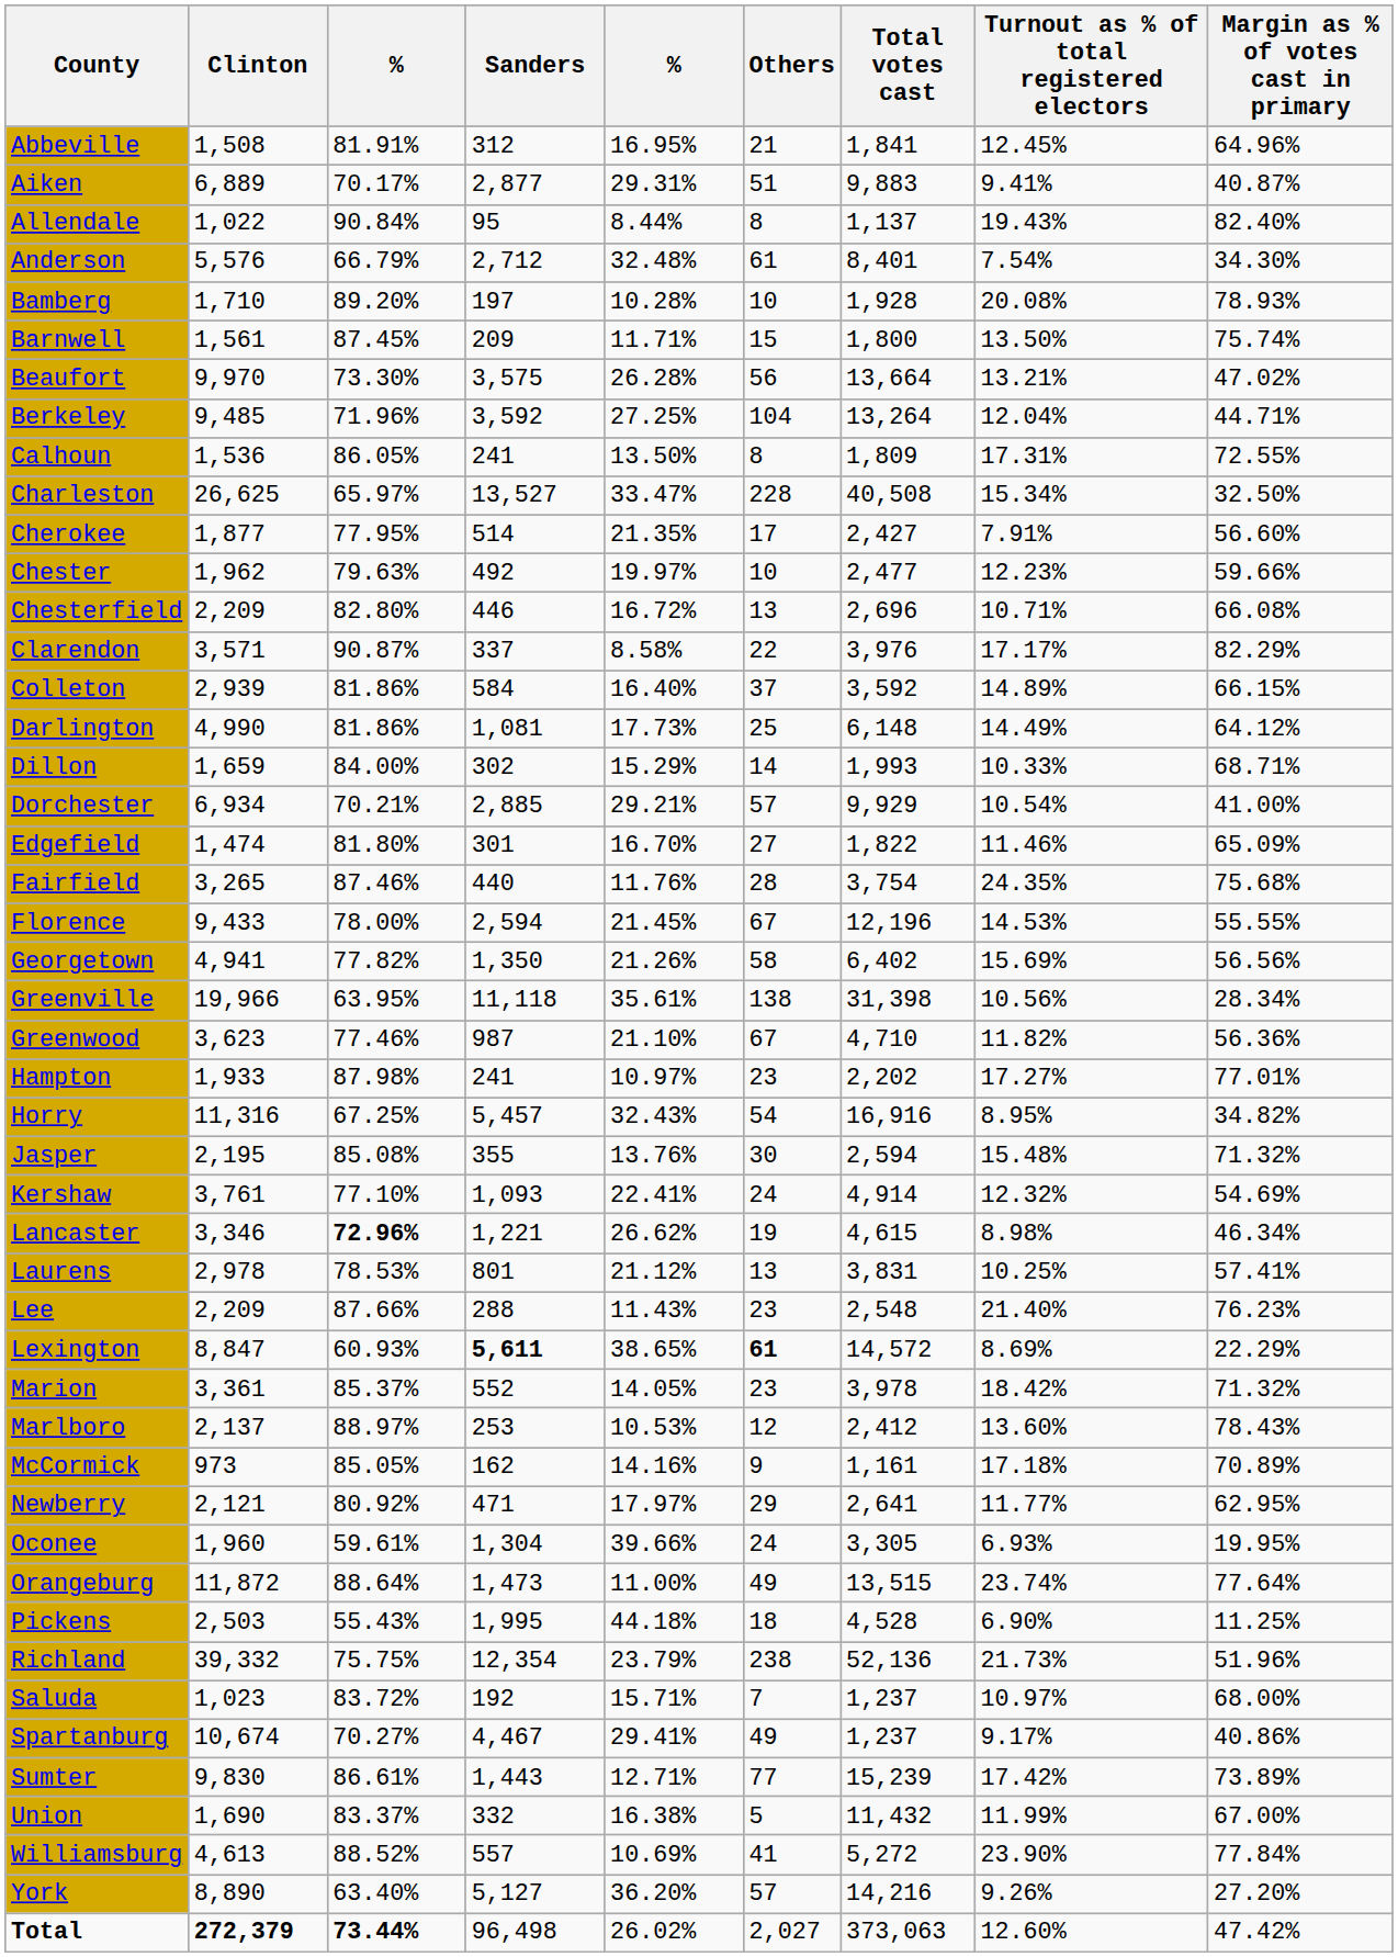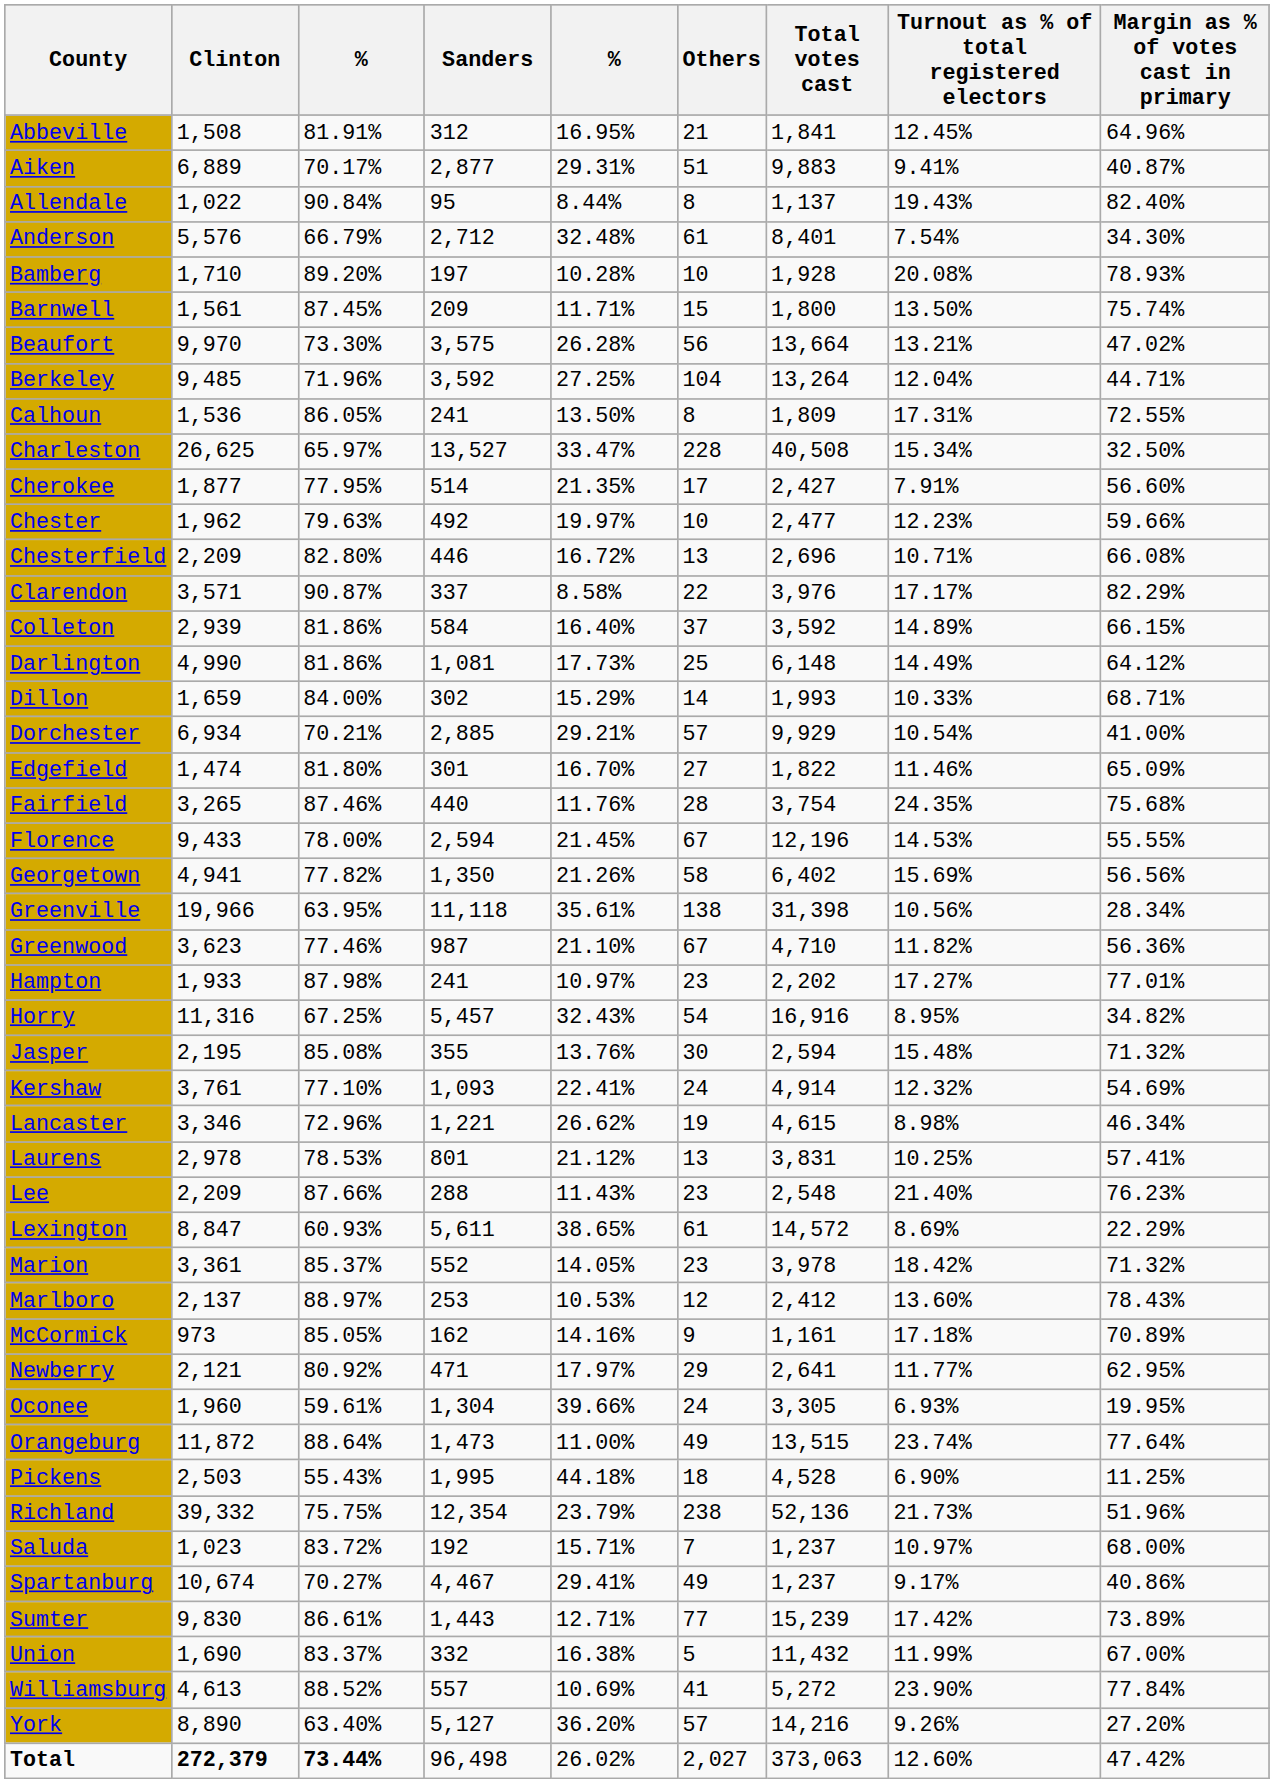 <table width="60%" class="wikitable sortable">
 <tr>
 <th width="11%">County</th>
 <th width="10%">Clinton</th>
 <th width="10%">%</th>
 <th width="10%">Sanders</th>
 <th width="10%">%</th>
 <th>Others</th>
 <th>Total votes cast</th>
 <th>Turnout as % of total registered electors</th>
 <th>Margin as % of votes cast in primary</th>
 </tr>
 <tr>
 <td style="background:#D4AA00;"><a href='#'>Abbeville</a></td>
 <td>1,508</td>
 <td>81.91%</td>
 <td>312</td>
 <td>16.95%</td>
 <td>21</td>
 <td>1,841</td>
 <td>12.45%</td>
 <td>64.96%</td>
 </tr>
 <tr>
 <td style="background:#D4AA00;"><a href='#'>Aiken</a></td>
 <td>6,889</td>
 <td>70.17%</td>
 <td>2,877</td>
 <td>29.31%</td>
 <td>51</td>
 <td>9,883</td>
 <td>9.41%</td>
 <td>40.87%</td>
 </tr>
 <tr>
 <td style="background:#D4AA00;"><a href='#'>Allendale</a></td>
 <td>1,022</td>
 <td>90.84%</td>
 <td>95</td>
 <td>8.44%</td>
 <td>8</td>
 <td>1,137</td>
 <td>19.43%</td>
 <td>82.40%</td>
 </tr>
 <tr>
 <td style="background:#D4AA00;"><a href='#'>Anderson</a></td>
 <td>5,576</td>
 <td>66.79%</td>
 <td>2,712</td>
 <td>32.48%</td>
 <td>61</td>
 <td>8,401</td>
 <td>7.54%</td>
 <td>34.30%</td>
 </tr>
 <tr>
 <td style="background:#D4AA00;"><a href='#'>Bamberg</a></td>
 <td>1,710</td>
 <td>89.20%</td>
 <td>197</td>
 <td>10.28%</td>
 <td>10</td>
 <td>1,928</td>
 <td>20.08%</td>
 <td>78.93%</td>
 </tr>
 <tr>
 <td style="background:#D4AA00;"><a href='#'>Barnwell</a></td>
 <td>1,561</td>
 <td>87.45%</td>
 <td>209</td>
 <td>11.71%</td>
 <td>15</td>
 <td>1,800</td>
 <td>13.50%</td>
 <td>75.74%</td>
 </tr>
 <tr>
 <td style="background:#D4AA00;"><a href='#'>Beaufort</a></td>
 <td>9,970</td>
 <td>73.30%</td>
 <td>3,575</td>
 <td>26.28%</td>
 <td>56</td>
 <td>13,664</td>
 <td>13.21%</td>
 <td>47.02%</td>
 </tr>
 <tr>
 <td style="background:#D4AA00;"><a href='#'>Berkeley</a></td>
 <td>9,485</td>
 <td>71.96%</td>
 <td>3,592</td>
 <td>27.25%</td>
 <td>104</td>
 <td>13,264</td>
 <td>12.04%</td>
 <td>44.71%</td>
 </tr>
 <tr>
 <td style="background:#D4AA00;"><a href='#'>Calhoun</a></td>
 <td>1,536</td>
 <td>86.05%</td>
 <td>241</td>
 <td>13.50%</td>
 <td>8</td>
 <td>1,809</td>
 <td>17.31%</td>
 <td>72.55%</td>
 </tr>
 <tr>
 <td style="background:#D4AA00;"><a href='#'>Charleston</a></td>
 <td>26,625</td>
 <td>65.97%</td>
 <td>13,527</td>
 <td>33.47%</td>
 <td>228</td>
 <td>40,508</td>
 <td>15.34%</td>
 <td>32.50%</td>
 </tr>
 <tr>
 <td style="background:#D4AA00;"><a href='#'>Cherokee</a></td>
 <td>1,877</td>
 <td>77.95%</td>
 <td>514</td>
 <td>21.35%</td>
 <td>17</td>
 <td>2,427</td>
 <td>7.91%</td>
 <td>56.60%</td>
 </tr>
 <tr>
 <td style="background:#D4AA00;"><a href='#'>Chester</a></td>
 <td>1,962</td>
 <td>79.63%</td>
 <td>492</td>
 <td>19.97%</td>
 <td>10</td>
 <td>2,477</td>
 <td>12.23%</td>
 <td>59.66%</td>
 </tr>
 <tr>
 <td style="background:#D4AA00;"><a href='#'>Chesterfield</a></td>
 <td>2,209</td>
 <td>82.80%</td>
 <td>446</td>
 <td>16.72%</td>
 <td>13</td>
 <td>2,696</td>
 <td>10.71%</td>
 <td>66.08%</td>
 </tr>
 <tr>
 <td style="background:#D4AA00;"><a href='#'>Clarendon</a></td>
 <td>3,571</td>
 <td>90.87%</td>
 <td>337</td>
 <td>8.58%</td>
 <td>22</td>
 <td>3,976</td>
 <td>17.17%</td>
 <td>82.29%</td>
 </tr>
 <tr>
 <td style="background:#D4AA00;"><a href='#'>Colleton</a></td>
 <td>2,939</td>
 <td>81.86%</td>
 <td>584</td>
 <td>16.40%</td>
 <td>37</td>
 <td>3,592</td>
 <td>14.89%</td>
 <td>66.15%</td>
 </tr>
 <tr>
 <td style="background:#D4AA00;"><a href='#'>Darlington</a></td>
 <td>4,990</td>
 <td>81.86%</td>
 <td>1,081</td>
 <td>17.73%</td>
 <td>25</td>
 <td>6,148</td>
 <td>14.49%</td>
 <td>64.12%</td>
 </tr>
 <tr>
 <td style="background:#D4AA00;"><a href='#'>Dillon</a></td>
 <td>1,659</td>
 <td>84.00%</td>
 <td>302</td>
 <td>15.29%</td>
 <td>14</td>
 <td>1,993</td>
 <td>10.33%</td>
 <td>68.71%</td>
 </tr>
 <tr>
 <td style="background:#D4AA00;"><a href='#'>Dorchester</a></td>
 <td>6,934</td>
 <td>70.21%</td>
 <td>2,885</td>
 <td>29.21%</td>
 <td>57</td>
 <td>9,929</td>
 <td>10.54%</td>
 <td>41.00%</td>
 </tr>
 <tr>
 <td style="background:#D4AA00;"><a href='#'>Edgefield</a></td>
 <td>1,474</td>
 <td>81.80%</td>
 <td>301</td>
 <td>16.70%</td>
 <td>27</td>
 <td>1,822</td>
 <td>11.46%</td>
 <td>65.09%</td>
 </tr>
 <tr>
 <td style="background:#D4AA00;"><a href='#'>Fairfield</a></td>
 <td>3,265</td>
 <td>87.46%</td>
 <td>440</td>
 <td>11.76%</td>
 <td>28</td>
 <td>3,754</td>
 <td>24.35%</td>
 <td>75.68%</td>
 </tr>
 <tr>
 <td style="background:#D4AA00;"><a href='#'>Florence</a></td>
 <td>9,433</td>
 <td>78.00%</td>
 <td>2,594</td>
 <td>21.45%</td>
 <td>67</td>
 <td>12,196</td>
 <td>14.53%</td>
 <td>55.55%</td>
 </tr>
 <tr>
 <td style="background:#D4AA00;"><a href='#'>Georgetown</a></td>
 <td>4,941</td>
 <td>77.82%</td>
 <td>1,350</td>
 <td>21.26%</td>
 <td>58</td>
 <td>6,402</td>
 <td>15.69%</td>
 <td>56.56%</td>
 </tr>
 <tr>
 <td style="background:#D4AA00;"><a href='#'>Greenville</a></td>
 <td>19,966</td>
 <td>63.95%</td>
 <td>11,118</td>
 <td>35.61%</td>
 <td>138</td>
 <td>31,398</td>
 <td>10.56%</td>
 <td>28.34%</td>
 </tr>
 <tr>
 <td style="background:#D4AA00;"><a href='#'>Greenwood</a></td>
 <td>3,623</td>
 <td>77.46%</td>
 <td>987</td>
 <td>21.10%</td>
 <td>67</td>
 <td>4,710</td>
 <td>11.82%</td>
 <td>56.36%</td>
 </tr>
 <tr>
 <td style="background:#D4AA00;"><a href='#'>Hampton</a></td>
 <td>1,933</td>
 <td>87.98%</td>
 <td>241</td>
 <td>10.97%</td>
 <td>23</td>
 <td>2,202</td>
 <td>17.27%</td>
 <td>77.01%</td>
 </tr>
 <tr>
 <td style="background:#D4AA00;"><a href='#'>Horry</a></td>
 <td>11,316</td>
 <td>67.25%</td>
 <td>5,457</td>
 <td>32.43%</td>
 <td>54</td>
 <td>16,916</td>
 <td>8.95%</td>
 <td>34.82%</td>
 </tr>
 <tr>
 <td style="background:#D4AA00;"><a href='#'>Jasper</a></td>
 <td>2,195</td>
 <td>85.08%</td>
 <td>355</td>
 <td>13.76%</td>
 <td>30</td>
 <td>2,594</td>
 <td>15.48%</td>
 <td>71.32%</td>
 </tr>
 <tr>
 <td style="background:#D4AA00;"><a href='#'>Kershaw</a></td>
 <td>3,761</td>
 <td>77.10%</td>
 <td>1,093</td>
 <td>22.41%</td>
 <td>24</td>
 <td>4,914</td>
 <td>12.32%</td>
 <td>54.69%</td>
 </tr>
 <tr>
 <td style="background:#D4AA00;"><a href='#'>Lancaster</a></td>
 <td>3,346</td>
-<td><strong>72.96%</strong></td>
+<td>72.96%</td>
 <td>1,221</td>
 <td>26.62%</td>
 <td>19</td>
 <td>4,615</td>
 <td>8.98%</td>
 <td>46.34%</td>
 </tr>
 <tr>
 <td style="background:#D4AA00;"><a href='#'>Laurens</a></td>
 <td>2,978</td>
 <td>78.53%</td>
 <td>801</td>
 <td>21.12%</td>
 <td>13</td>
 <td>3,831</td>
 <td>10.25%</td>
 <td>57.41%</td>
 </tr>
 <tr>
 <td style="background:#D4AA00;"><a href='#'>Lee</a></td>
 <td>2,209</td>
 <td>87.66%</td>
 <td>288</td>
 <td>11.43%</td>
 <td>23</td>
 <td>2,548</td>
 <td>21.40%</td>
 <td>76.23%</td>
 </tr>
 <tr>
 <td style="background:#D4AA00;"><a href='#'>Lexington</a></td>
 <td>8,847</td>
 <td>60.93%</td>
-<td><strong>5,611</strong></td>
+<td>5,611</td>
 <td>38.65%</td>
-<td><strong>61</strong></td>
+<td>61</td>
 <td>14,572</td>
 <td>8.69%</td>
 <td>22.29%</td>
 </tr>
 <tr>
 <td style="background:#D4AA00;"><a href='#'>Marion</a></td>
 <td>3,361</td>
 <td>85.37%</td>
 <td>552</td>
 <td>14.05%</td>
 <td>23</td>
 <td>3,978</td>
 <td>18.42%</td>
 <td>71.32%</td>
 </tr>
 <tr>
 <td style="background:#D4AA00;"><a href='#'>Marlboro</a></td>
 <td>2,137</td>
 <td>88.97%</td>
 <td>253</td>
 <td>10.53%</td>
 <td>12</td>
 <td>2,412</td>
 <td>13.60%</td>
 <td>78.43%</td>
 </tr>
 <tr>
 <td style="background:#D4AA00;"><a href='#'>McCormick</a></td>
 <td>973</td>
 <td>85.05%</td>
 <td>162</td>
 <td>14.16%</td>
 <td>9</td>
 <td>1,161</td>
 <td>17.18%</td>
 <td>70.89%</td>
 </tr>
 <tr>
 <td style="background:#D4AA00;"><a href='#'>Newberry</a></td>
 <td>2,121</td>
 <td>80.92%</td>
 <td>471</td>
 <td>17.97%</td>
 <td>29</td>
 <td>2,641</td>
 <td>11.77%</td>
 <td>62.95%</td>
 </tr>
 <tr>
 <td style="background:#D4AA00;"><a href='#'>Oconee</a></td>
 <td>1,960</td>
 <td>59.61%</td>
 <td>1,304</td>
 <td>39.66%</td>
 <td>24</td>
 <td>3,305</td>
 <td>6.93%</td>
 <td>19.95%</td>
 </tr>
 <tr>
 <td style="background:#D4AA00;"><a href='#'>Orangeburg</a></td>
 <td>11,872</td>
 <td>88.64%</td>
 <td>1,473</td>
 <td>11.00%</td>
 <td>49</td>
 <td>13,515</td>
 <td>23.74%</td>
 <td>77.64%</td>
 </tr>
 <tr>
 <td style="background:#D4AA00;"><a href='#'>Pickens</a></td>
 <td>2,503</td>
 <td>55.43%</td>
 <td>1,995</td>
 <td>44.18%</td>
 <td>18</td>
 <td>4,528</td>
 <td>6.90%</td>
 <td>11.25%</td>
 </tr>
 <tr>
 <td style="background:#D4AA00;"><a href='#'>Richland</a></td>
 <td>39,332</td>
 <td>75.75%</td>
 <td>12,354</td>
 <td>23.79%</td>
 <td>238</td>
 <td>52,136</td>
 <td>21.73%</td>
 <td>51.96%</td>
 </tr>
 <tr>
 <td style="background:#D4AA00;"><a href='#'>Saluda</a></td>
 <td>1,023</td>
 <td>83.72%</td>
 <td>192</td>
 <td>15.71%</td>
 <td>7</td>
 <td>1,237</td>
 <td>10.97%</td>
 <td>68.00%</td>
 </tr>
 <tr>
 <td style="background:#D4AA00;"><a href='#'>Spartanburg</a></td>
 <td>10,674</td>
 <td>70.27%</td>
 <td>4,467</td>
 <td>29.41%</td>
 <td>49</td>
 <td>1,237</td>
 <td>9.17%</td>
 <td>40.86%</td>
 </tr>
 <tr>
 <td style="background:#D4AA00;"><a href='#'>Sumter</a></td>
 <td>9,830</td>
 <td>86.61%</td>
 <td>1,443</td>
 <td>12.71%</td>
 <td>77</td>
 <td>15,239</td>
 <td>17.42%</td>
 <td>73.89%</td>
 </tr>
 <tr>
 <td style="background:#D4AA00;"><a href='#'>Union</a></td>
 <td>1,690</td>
 <td>83.37%</td>
 <td>332</td>
 <td>16.38%</td>
 <td>5</td>
 <td>11,432</td>
 <td>11.99%</td>
 <td>67.00%</td>
 </tr>
 <tr>
 <td style="background:#D4AA00;"><a href='#'>Williamsburg</a></td>
 <td>4,613</td>
 <td>88.52%</td>
 <td>557</td>
 <td>10.69%</td>
 <td>41</td>
 <td>5,272</td>
 <td>23.90%</td>
 <td>77.84%</td>
 </tr>
 <tr>
 <td style="background:#D4AA00;"><a href='#'>York</a></td>
 <td>8,890</td>
 <td>63.40%</td>
 <td>5,127</td>
 <td>36.20%</td>
 <td>57</td>
 <td>14,216</td>
 <td>9.26%</td>
 <td>27.20%</td>
 </tr>
 <tr>
 <td><strong>Total</strong></td>
 <td><strong>272,379</strong></td>
 <td><strong>73.44%</strong></td>
 <td>96,498</td>
 <td>26.02%</td>
 <td>2,027</td>
 <td>373,063</td>
 <td>12.60%</td>
 <td>47.42%</td>
 </tr>
 </table>
